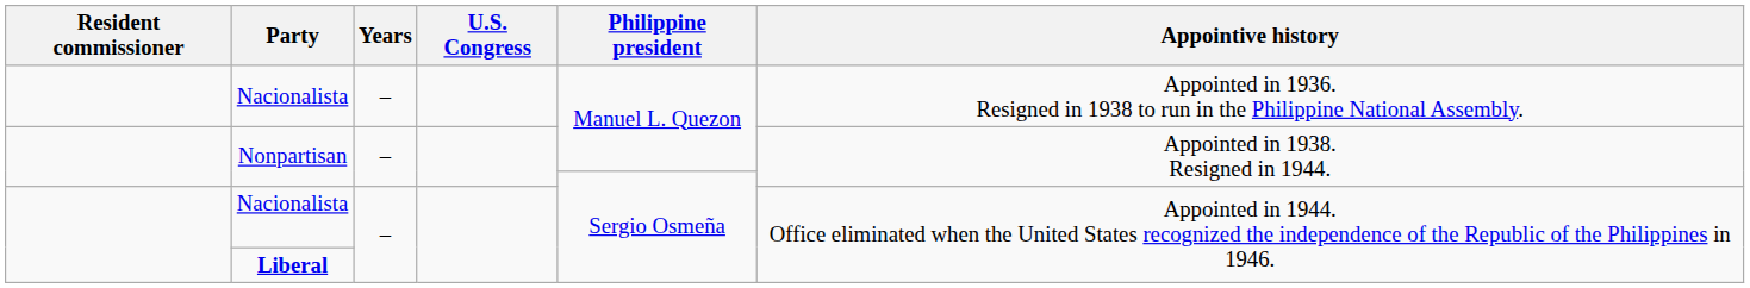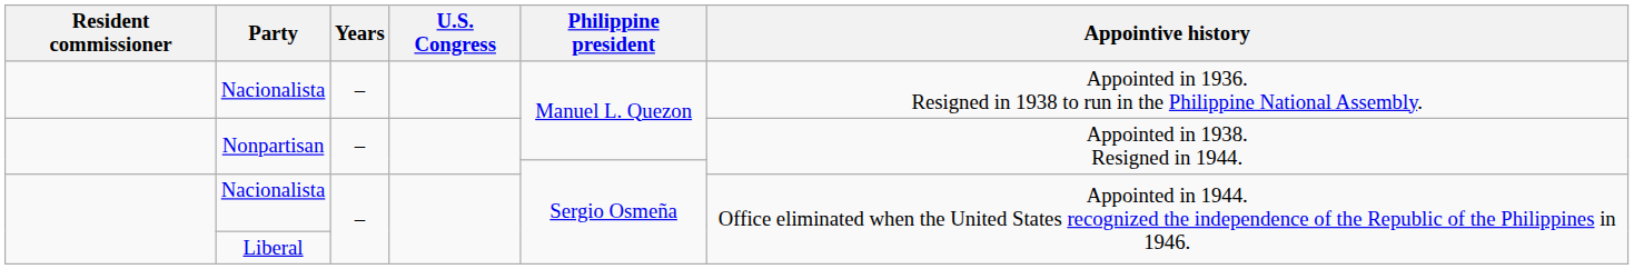 <table class="wikitable sortable" style="text-align:center">
 <tr style="height:2em">
 <th>Resident commissioner</th>
 <th>Party</th>
 <th>Years</th>
 <th><a href='#'>U.S. Congress</a></th>
 <th><a href='#'>Philippine president</a></th>
 <th>Appointive history</th>
 </tr>
 <tr style="height:2em">
 <td align=left><br><strong></strong><br></td>
 <td bgcolor=><a href='#'>Nacionalista</a></td>
 <td> – </td>
 <td></td>
 <td rowspan="2"><a href='#'>Manuel L. Quezon</a></td>
 <td>Appointed in 1936.<br>Resigned in 1938 to run in the <a href='#'>Philippine National Assembly</a>.</td>
 </tr>
 <tr style="height:2em">
 <td rowspan="2" align="left"><br><strong></strong><br></td>
 <td rowspan="2" ><a href='#'>Nonpartisan</a></td>
 <td rowspan="2"> – </td>
 <td rowspan="2"></td>
 <td rowspan="2">Appointed in 1938.<br>Resigned in 1944.</td>
 </tr>
 <tr>
 <td rowspan="3"><a href='#'>Sergio Osmeña</a></td>
 </tr>
 <tr style="height:2em">
 <td rowspan=2 align=left><br><strong></strong><br></td>
 <td bgcolor=><a href='#'>Nacionalista</a> <br>  <br></td>
 <td rowspan=2> – </td>
 <td rowspan=2></td>
 <td rowspan=2>Appointed in 1944.<br>Office eliminated when the United States <a href='#'>recognized the independence of the Republic of the Philippines</a> in 1946.</td>
 </tr>
 <tr>
-<td bgcolor=><strong><a href='#'>Liberal</a> <br> </strong></td>
+<td bgcolor=><a href='#'>Liberal</a> <br> </td>
 </tr>
 </table>
